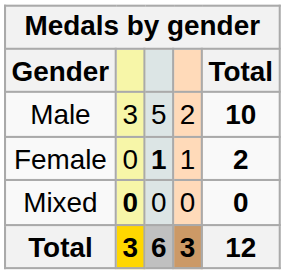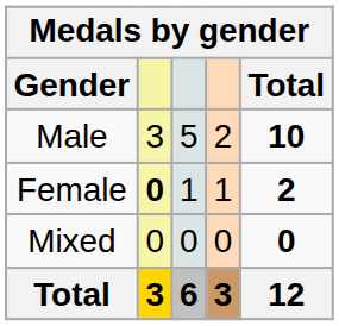 <table class=wikitable style=font-size:85%;float:left;>
 <tr>
 <th colspan=5>Medals by gender</th>
 </tr>
 <tr>
 <th>Gender</th>
 <td bgcolor=F7F6A8></td>
 <td bgcolor=DCE5E5></td>
 <td bgcolor=FFDAB9></td>
 <th>Total</th>
 </tr>
 <tr align=center>
 <td>Male</td>
 <td bgcolor=F7F6A8>3</td>
 <td bgcolor=DCE5E5>5</td>
 <td bgcolor=FFDAB9>2</td>
 <td><strong>10</strong></td>
 </tr>
 <tr align=center>
 <td>Female</td>
-<td bgcolor=F7F6A8>0</td>
-<td bgcolor=DCE5E5><strong>1</strong></td>
+<td bgcolor=F7F6A8><strong>0</strong></td>
+<td bgcolor=DCE5E5>1</td>
 <td bgcolor=FFDAB9>1</td>
 <td><strong>2</strong></td>
 </tr>
 <tr align=center>
 <td>Mixed</td>
-<td bgcolor=F7F6A8><strong>0</strong></td>
+<td bgcolor=F7F6A8>0</td>
 <td bgcolor=DCE5E5>0</td>
 <td bgcolor=FFDAB9>0</td>
 <td><strong>0</strong></td>
 </tr>
 <tr>
 <th>Total</th>
 <th style=background:gold>3</th>
 <th style=background:silver>6</th>
 <th style=background:#c96>3</th>
 <th>12</th>
 </tr>
 </table>
